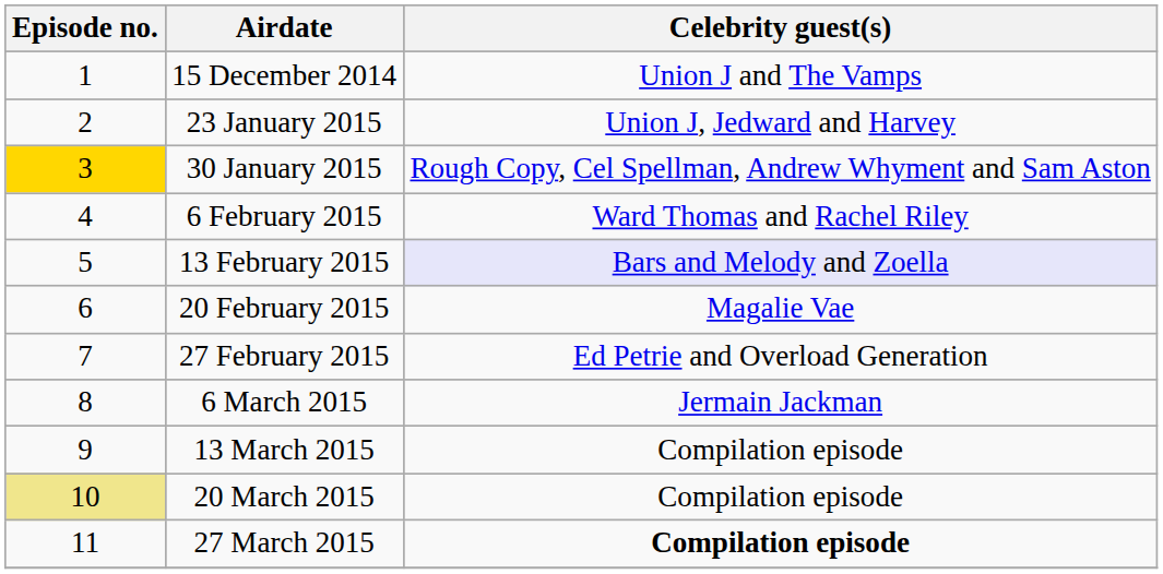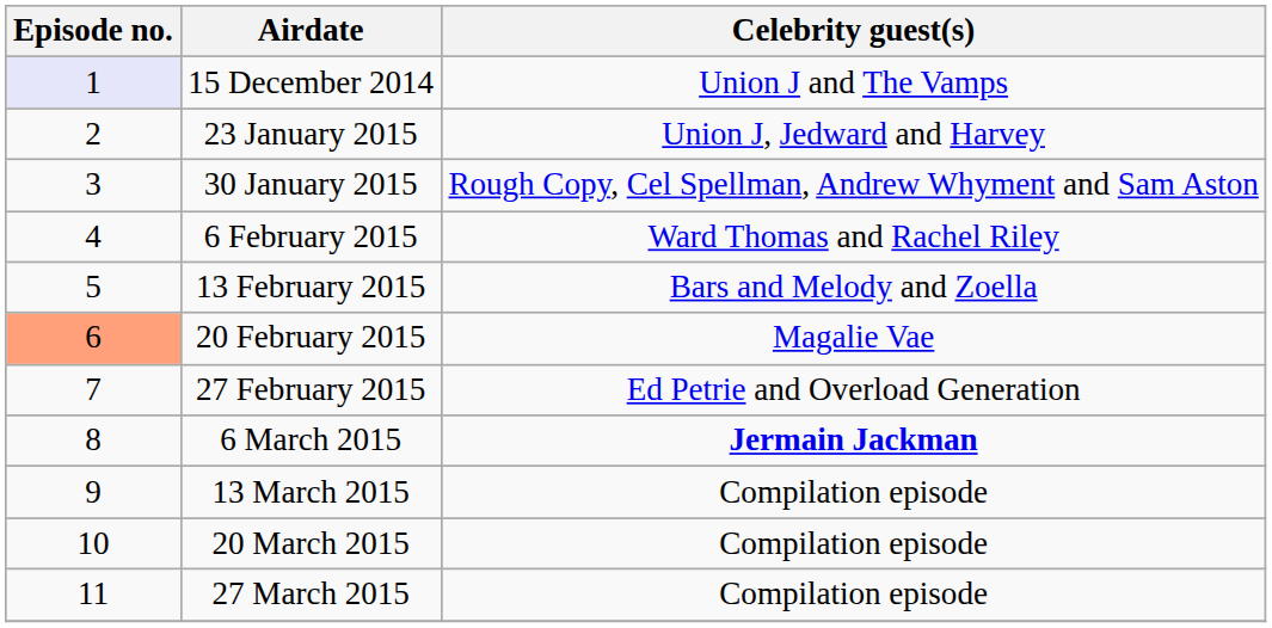 <table class="wikitable" style="text-align: center;">
 <tr>
 <th>Episode no.</th>
 <th>Airdate</th>
 <th>Celebrity guest(s)</th>
 </tr>
 <tr>
-<td>1</td>
+<td style="background: lavender;">1</td>
 <td>15 December 2014</td>
 <td><a href='#'>Union J</a> and <a href='#'>The Vamps</a></td>
 </tr>
 <tr>
 <td>2</td>
 <td>23 January 2015</td>
 <td><a href='#'>Union J</a>, <a href='#'>Jedward</a> and <a href='#'>Harvey</a></td>
 </tr>
 <tr>
-<td style="background: gold;">3</td>
+<td>3</td>
 <td>30 January 2015</td>
 <td><a href='#'>Rough Copy</a>, <a href='#'>Cel Spellman</a>, <a href='#'>Andrew Whyment</a> and <a href='#'>Sam Aston</a></td>
 </tr>
 <tr>
 <td>4</td>
 <td>6 February 2015</td>
 <td><a href='#'>Ward Thomas</a> and <a href='#'>Rachel Riley</a></td>
 </tr>
 <tr>
 <td>5</td>
 <td>13 February 2015</td>
-<td style="background: lavender;"><a href='#'>Bars and Melody</a> and <a href='#'>Zoella</a></td>
+<td><a href='#'>Bars and Melody</a> and <a href='#'>Zoella</a></td>
 </tr>
 <tr>
-<td>6</td>
+<td style="background: lightsalmon;">6</td>
 <td>20 February 2015</td>
 <td><a href='#'>Magalie Vae</a></td>
 </tr>
 <tr>
 <td>7</td>
 <td>27 February 2015</td>
 <td><a href='#'>Ed Petrie</a> and Overload Generation</td>
 </tr>
 <tr>
 <td>8</td>
 <td>6 March 2015</td>
-<td><a href='#'>Jermain Jackman</a></td>
+<td><strong><a href='#'>Jermain Jackman</a></strong></td>
 </tr>
 <tr>
 <td>9</td>
 <td>13 March 2015</td>
 <td>Compilation episode</td>
 </tr>
 <tr>
-<td style="background: khaki;">10</td>
+<td>10</td>
 <td>20 March 2015</td>
 <td>Compilation episode</td>
 </tr>
 <tr>
 <td>11</td>
 <td>27 March 2015</td>
-<td><strong>Compilation episode</strong></td>
+<td>Compilation episode</td>
 </tr>
 <tr>
 </tr>
 </table>
